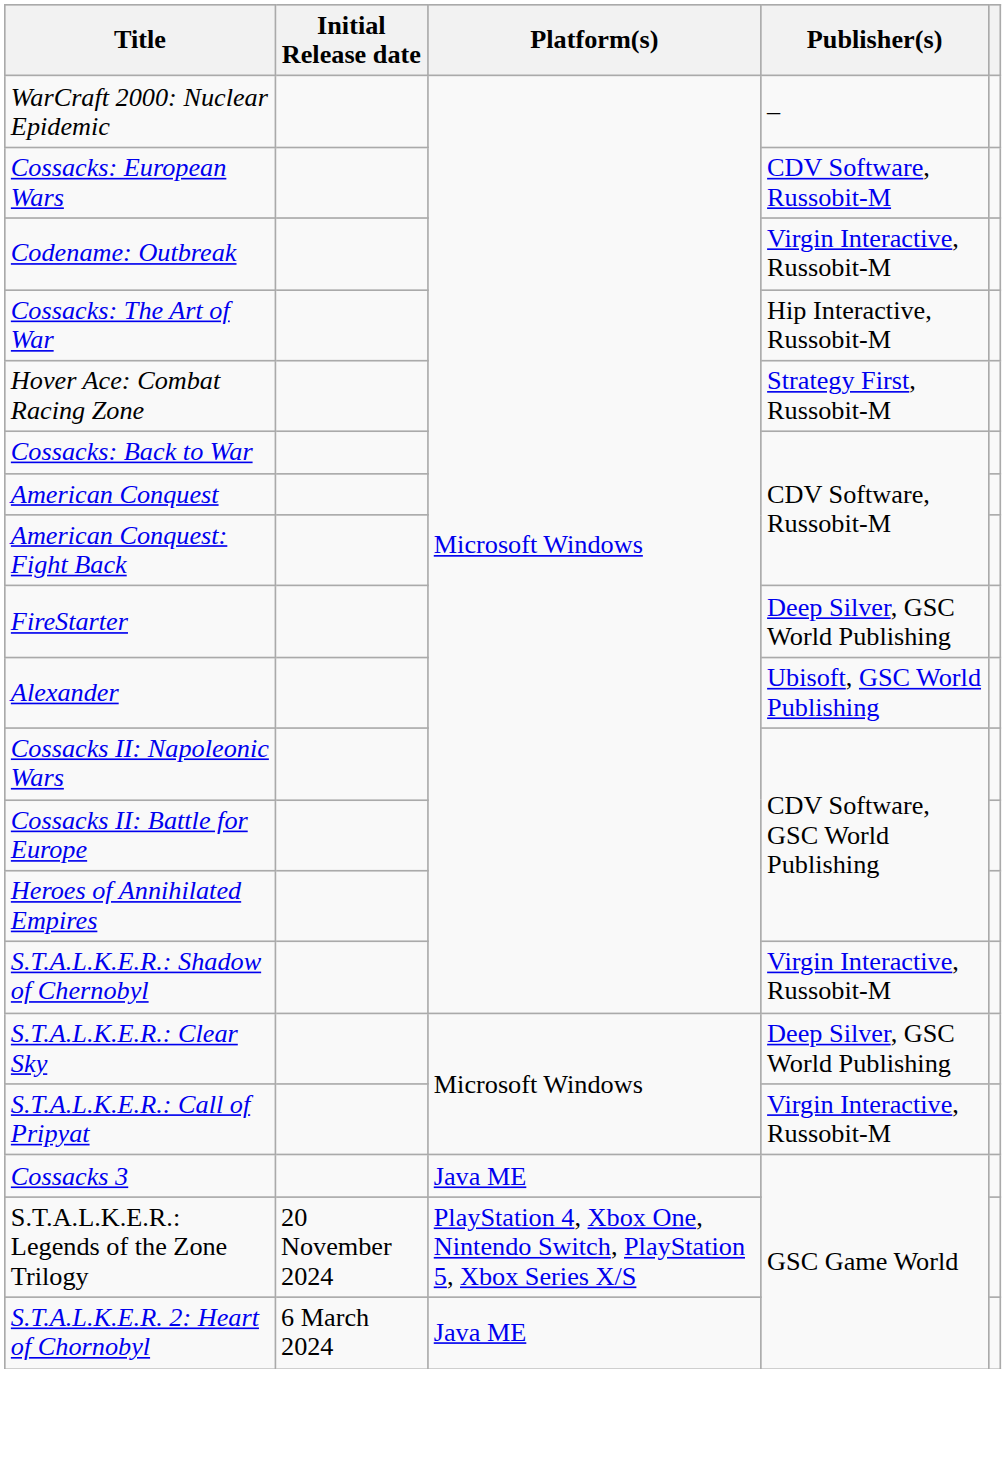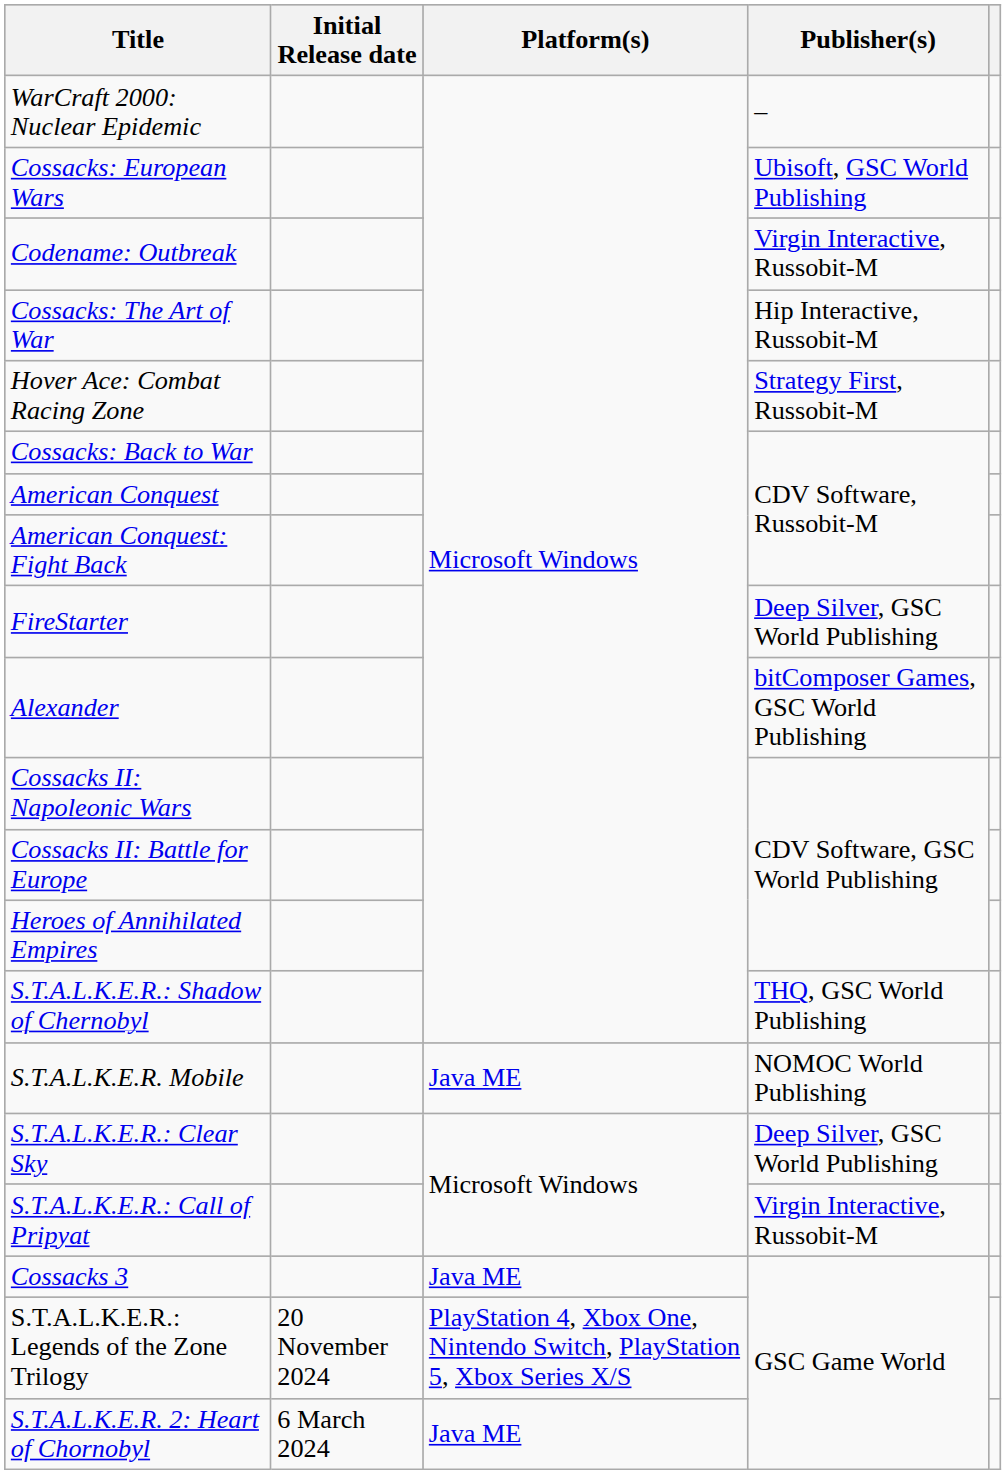 <table class="wikitable sortable plainrowheaders">
 <tr>
 <th scope="col">Title</th>
 <th scope="col">Initial Release date</th>
 <th scope="col">Platform(s)</th>
 <th scope="col">Publisher(s)</th>
 <th scope="col"></th>
 </tr>
 <tr>
 <td><em>WarCraft 2000: Nuclear Epidemic</em></td>
 <td></td>
 <td rowspan="14"><a href='#'>Microsoft Windows</a></td>
 <td>–</td>
 <td></td>
 </tr>
 <tr>
 <td><em><a href='#'>Cossacks: European Wars</a></em></td>
 <td></td>
-<td><a href='#'>CDV Software</a>, <a href='#'>Russobit-M</a></td>
+<td><a href='#'>Ubisoft</a>, <a href='#'>GSC World Publishing</a></td>
 <td></td>
 </tr>
 <tr>
 <td><em><a href='#'>Codename: Outbreak</a></em></td>
 <td></td>
 <td><a href='#'>Virgin Interactive</a>, Russobit-M</td>
 <td></td>
 </tr>
 <tr>
 <td><em><a href='#'>Cossacks: The Art of War</a></em></td>
 <td></td>
 <td>Hip Interactive, Russobit-M</td>
 <td></td>
 </tr>
 <tr>
 <td><em>Hover Ace: Combat Racing Zone</em></td>
 <td></td>
 <td><a href='#'>Strategy First</a>, Russobit-M</td>
 <td></td>
 </tr>
 <tr>
 <td><em><a href='#'>Cossacks: Back to War</a></em></td>
 <td></td>
 <td rowspan="3">CDV Software, Russobit-M</td>
 <td></td>
 </tr>
 <tr>
 <td><em><a href='#'>American Conquest</a></em></td>
 <td></td>
 <td></td>
 </tr>
 <tr>
 <td><em><a href='#'>American Conquest: Fight Back</a></em></td>
 <td></td>
 <td></td>
 </tr>
 <tr>
 <td><em><a href='#'>FireStarter</a></em></td>
 <td></td>
 <td><a href='#'>Deep Silver</a>, GSC World Publishing</td>
 <td></td>
 </tr>
 <tr>
 <td><em><a href='#'>Alexander</a></em></td>
 <td></td>
-<td><a href='#'>Ubisoft</a>, <a href='#'>GSC World Publishing</a></td>
+<td><a href='#'>bitComposer Games</a>, GSC World Publishing</td>
 <td></td>
 </tr>
 <tr>
 <td><em><a href='#'>Cossacks II: Napoleonic Wars</a></em></td>
 <td></td>
 <td rowspan="3">CDV Software, GSC World Publishing</td>
 <td></td>
 </tr>
 <tr>
 <td><em><a href='#'>Cossacks II: Battle for Europe</a></em></td>
 <td></td>
 <td></td>
 </tr>
 <tr>
 <td><em><a href='#'>Heroes of Annihilated Empires</a></em></td>
 <td></td>
 <td></td>
 </tr>
 <tr>
 <td><em><a href='#'>S.T.A.L.K.E.R.: Shadow of Chernobyl</a></em></td>
 <td></td>
-<td><a href='#'>Virgin Interactive</a>, Russobit-M</td>
+<td><a href='#'>THQ</a>, GSC World Publishing</td>
+<td></td>
+</tr>
+<tr>
+<td><em>S.T.A.L.K.E.R. Mobile</em></td>
+<td></td>
+<td><a href='#'>Java ME</a></td>
+<td>NOMOC World Publishing</td>
 <td></td>
 </tr>
 <tr>
 <td><em><a href='#'>S.T.A.L.K.E.R.: Clear Sky</a></em></td>
 <td></td>
 <td rowspan="2">Microsoft Windows</td>
 <td><a href='#'>Deep Silver</a>, GSC World Publishing</td>
 <td></td>
 </tr>
 <tr>
 <td><em><a href='#'>S.T.A.L.K.E.R.: Call of Pripyat</a></em></td>
 <td></td>
 <td><a href='#'>Virgin Interactive</a>, Russobit-M</td>
 <td></td>
 </tr>
 <tr>
 <td><em><a href='#'>Cossacks 3</a></em></td>
 <td></td>
 <td><a href='#'>Java ME</a></td>
 <td rowspan="3">GSC Game World</td>
 <td><br></td>
 </tr>
 <tr>
 <td>S.T.A.L.K.E.R.: Legends of the Zone Trilogy</td>
 <td>20 November 2024</td>
 <td><a href='#'>PlayStation 4</a>, <a href='#'>Xbox One</a>, <a href='#'>Nintendo Switch</a>, <a href='#'>PlayStation 5</a>, <a href='#'>Xbox Series X/S</a></td>
 <td></td>
 </tr>
 <tr>
 <td><em><a href='#'>S.T.A.L.K.E.R. 2: Heart of Chornobyl</a></em></td>
 <td>6 March 2024</td>
 <td><a href='#'>Java ME</a></td>
 <td></td>
 </tr>
 </table>
